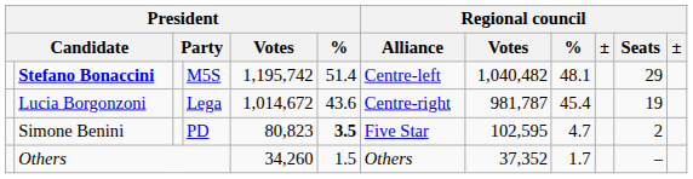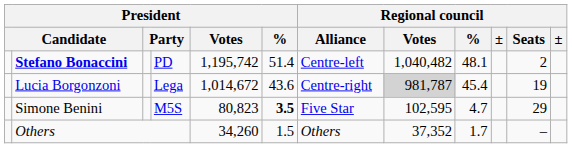 <table class="wikitable" style="text-align:right; style="width=70%">
 <tr>
 <th colspan="6">President</th>
 <th colspan="6">Regional council</th>
 </tr>
 <tr>
 <th colspan="2">Candidate</th>
 <th colspan="2">Party</th>
 <th>Votes</th>
 <th>%</th>
 <th>Alliance</th>
 <th>Votes</th>
 <th>%</th>
 <th>±</th>
 <th>Seats</th>
 <th>±</th>
 </tr>
 <tr>
 <td></td>
 <td style="text-align:left"><strong><a href='#'>Stefano Bonaccini</a></strong></td>
 <td></td>
-<td style="text-align:left"><a href='#'>M5S</a></td>
+<td style="text-align:left"><a href='#'>PD</a></td>
 <td>1,195,742</td>
 <td>51.4</td>
 <td style="text-align:left"><a href='#'>Centre-left</a></td>
 <td>1,040,482</td>
 <td>48.1</td>
 <td></td>
-<td>29</td>
+<td>2</td>
 <td></td>
 </tr>
 <tr>
 <td></td>
 <td style="text-align:left"><a href='#'>Lucia Borgonzoni</a></td>
 <td></td>
 <td style="text-align:left"><a href='#'>Lega</a></td>
 <td>1,014,672</td>
 <td>43.6</td>
 <td style="text-align:left"><a href='#'>Centre-right</a></td>
-<td>981,787</td>
+<td style="background: lightgrey;">981,787</td>
 <td>45.4</td>
 <td></td>
 <td>19</td>
 <td></td>
 </tr>
 <tr>
 <td></td>
 <td style="text-align:left">Simone Benini</td>
 <td></td>
-<td style="text-align:left"><a href='#'>PD</a></td>
+<td style="text-align:left"><a href='#'>M5S</a></td>
 <td>80,823</td>
 <td><strong>3.5</strong></td>
 <td style="text-align:left"><a href='#'>Five Star</a></td>
 <td>102,595</td>
 <td>4.7</td>
 <td></td>
-<td>2</td>
+<td>29</td>
 <td></td>
 </tr>
 <tr>
 <td></td>
 <td colspan="3" style="text-align:left"><em>Others</em></td>
 <td>34,260</td>
 <td>1.5</td>
 <td style="text-align:left"><em>Others</em></td>
 <td>37,352</td>
 <td>1.7</td>
 <td></td>
 <td>–</td>
 <td></td>
 </tr>
 </table>
